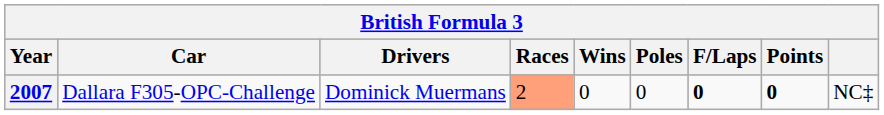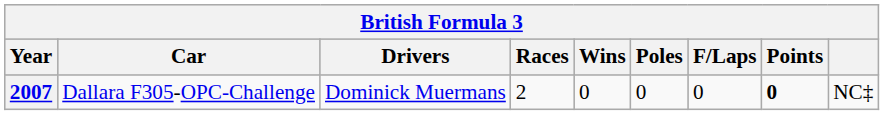 <table class="wikitable" style="font-size:85%">
 <tr>
 <th colspan="9" style="text-align:center;"><a href='#'>British Formula 3</a></th>
 </tr>
 <tr>
 <th>Year</th>
 <th>Car</th>
 <th>Drivers</th>
 <th>Races</th>
 <th>Wins</th>
 <th>Poles</th>
 <th>F/Laps</th>
 <th>Points</th>
 <th></th>
 </tr>
 <tr>
 <th><a href='#'>2007</a></th>
 <td><a href='#'>Dallara F305</a>-<a href='#'>OPC-Challenge</a></td>
 <td> <a href='#'>Dominick Muermans</a></td>
-<td style="background: lightsalmon;">2</td>
+<td>2</td>
 <td>0</td>
 <td>0</td>
-<td><strong>0</strong></td>
+<td>0</td>
 <td><strong>0</strong></td>
 <td>NC‡</td>
 </tr>
 </table>
